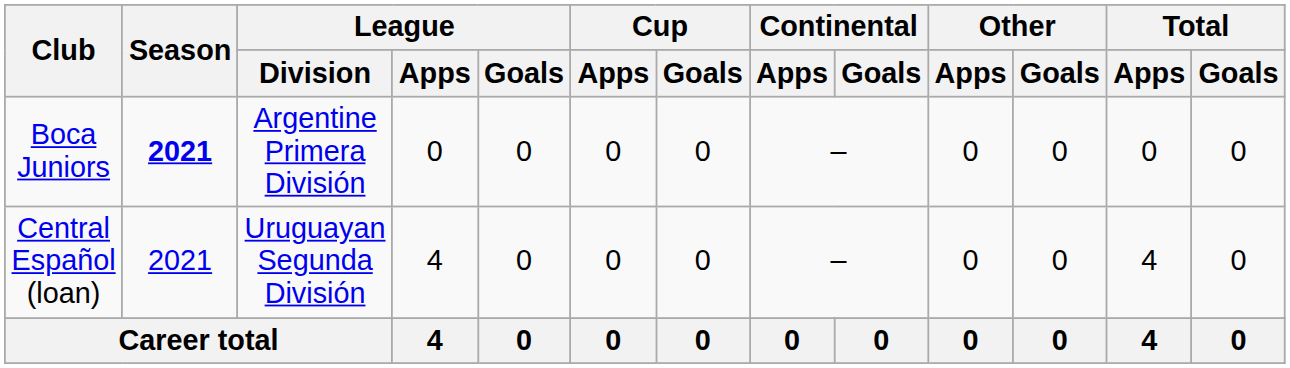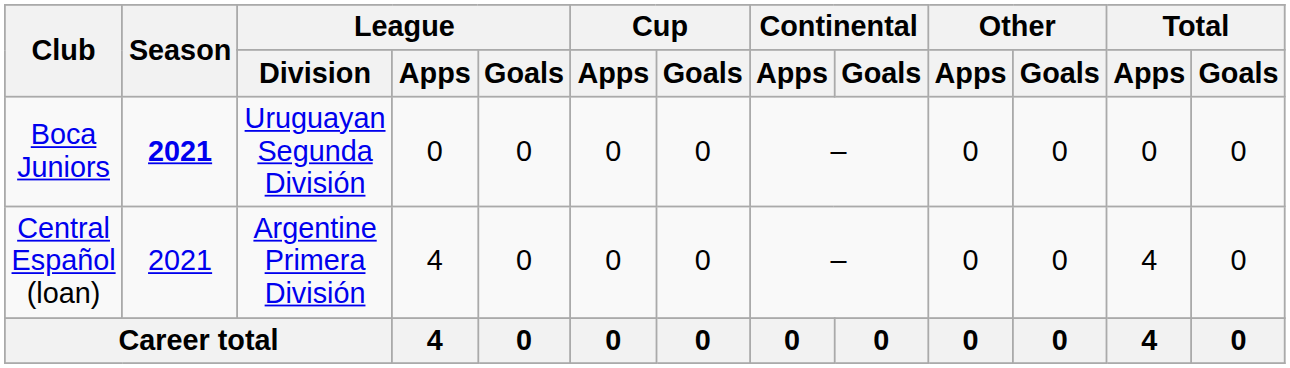 <table class="wikitable" style="text-align: center">
 <tr>
 <th rowspan="2">Club</th>
 <th rowspan="2">Season</th>
 <th colspan="3">League</th>
 <th colspan="2">Cup</th>
 <th colspan="2">Continental</th>
 <th colspan="2">Other</th>
 <th colspan="2">Total</th>
 </tr>
 <tr>
 <th>Division</th>
 <th>Apps</th>
 <th>Goals</th>
 <th>Apps</th>
 <th>Goals</th>
 <th>Apps</th>
 <th>Goals</th>
 <th>Apps</th>
 <th>Goals</th>
 <th>Apps</th>
 <th>Goals</th>
 </tr>
 <tr>
 <td><a href='#'>Boca Juniors</a></td>
 <td><strong><a href='#'>2021</a></strong></td>
-<td><a href='#'>Argentine Primera División</a></td>
+<td><a href='#'>Uruguayan Segunda División</a></td>
 <td>0</td>
 <td>0</td>
 <td>0</td>
 <td>0</td>
 <td colspan="2">–</td>
 <td>0</td>
 <td>0</td>
 <td>0</td>
 <td>0</td>
 </tr>
 <tr>
 <td><a href='#'>Central Español</a> (loan)</td>
 <td><a href='#'>2021</a></td>
-<td><a href='#'>Uruguayan Segunda División</a></td>
+<td><a href='#'>Argentine Primera División</a></td>
 <td>4</td>
 <td>0</td>
 <td>0</td>
 <td>0</td>
 <td colspan="2">–</td>
 <td>0</td>
 <td>0</td>
 <td>4</td>
 <td>0</td>
 </tr>
 <tr>
 <th colspan=3>Career total</th>
 <th>4</th>
 <th>0</th>
 <th>0</th>
 <th>0</th>
 <th>0</th>
 <th>0</th>
 <th>0</th>
 <th>0</th>
 <th>4</th>
 <th>0</th>
 </tr>
 </table>
